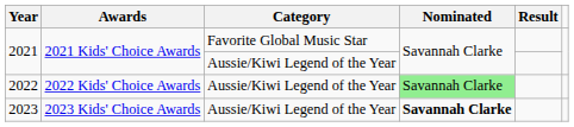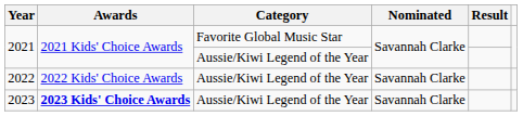 <table class="wikitable">
 <tr>
 <th>Year</th>
 <th>Awards</th>
 <th>Category</th>
 <th>Nominated</th>
 <th>Result</th>
 </tr>
 <tr>
 <td rowspan="2">2021</td>
 <td rowspan="2"><a href='#'>2021 Kids' Choice Awards</a></td>
 <td>Favorite Global Music Star</td>
 <td rowspan="2">Savannah Clarke</td>
 <td></td>
 <td rowspan="2"></td>
 </tr>
 <tr>
 <td>Aussie/Kiwi Legend of the Year</td>
 <td></td>
 </tr>
 <tr>
 <td rowspan="1">2022</td>
 <td><a href='#'>2022 Kids' Choice Awards</a></td>
 <td>Aussie/Kiwi Legend of the Year</td>
-<td style="background: lightgreen;">Savannah Clarke</td>
+<td>Savannah Clarke</td>
 <td></td>
 <td></td>
 </tr>
 <tr>
 <td rowspan="1">2023</td>
-<td><a href='#'>2023 Kids' Choice Awards</a></td>
+<td><strong><a href='#'>2023 Kids' Choice Awards</a></strong></td>
 <td>Aussie/Kiwi Legend of the Year</td>
-<td><strong>Savannah Clarke</strong></td>
+<td>Savannah Clarke</td>
 <td></td>
 </tr>
 </table>
